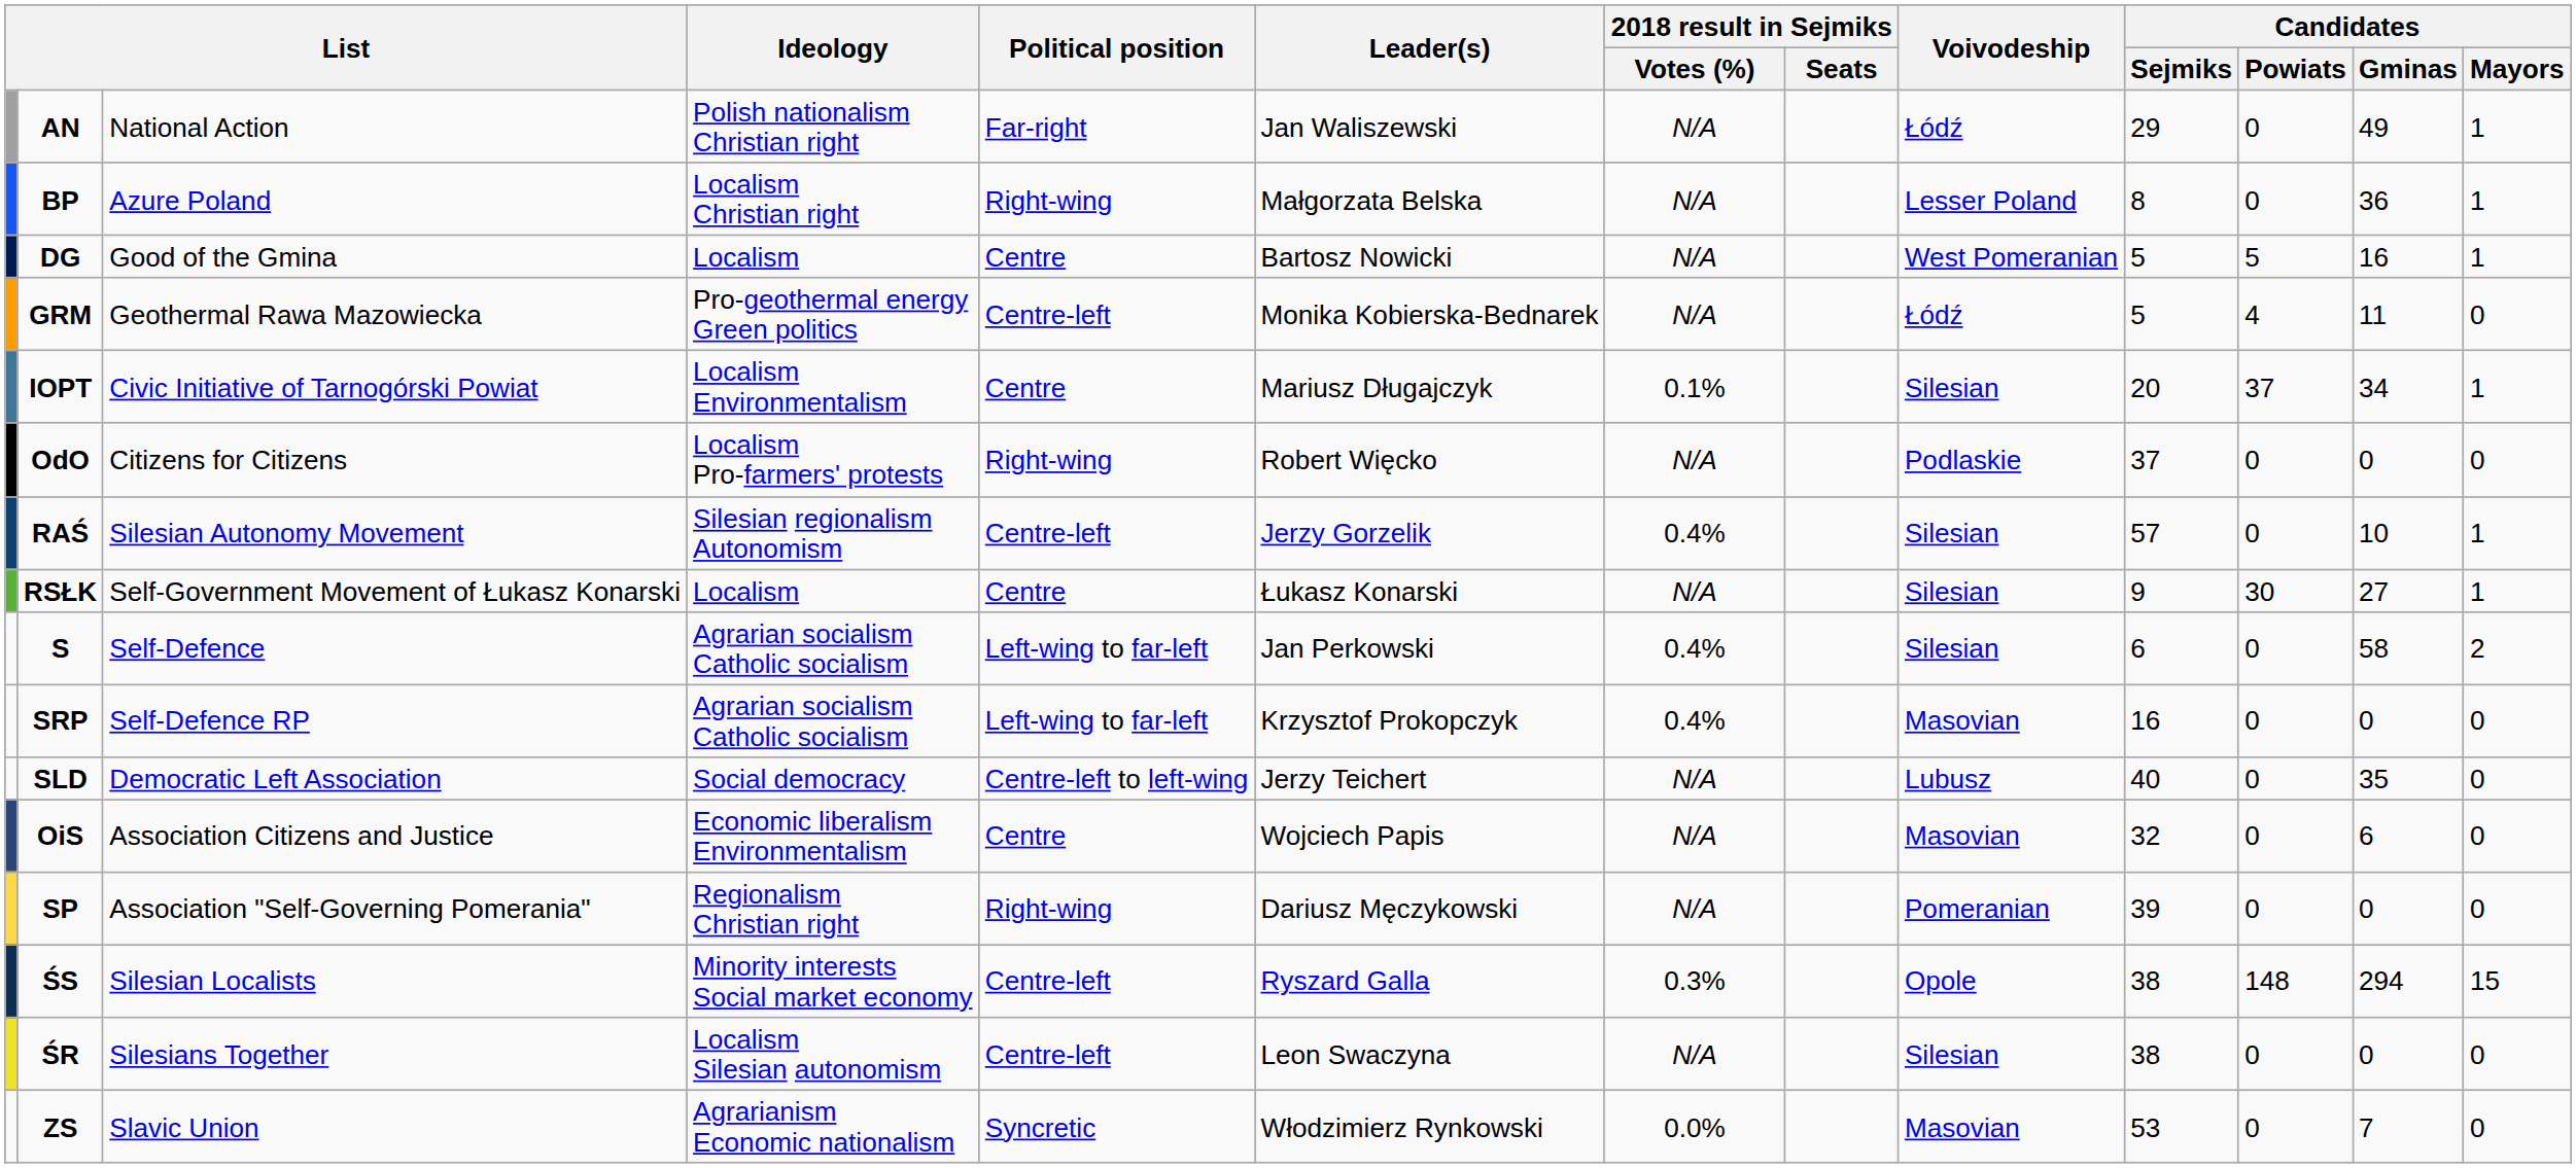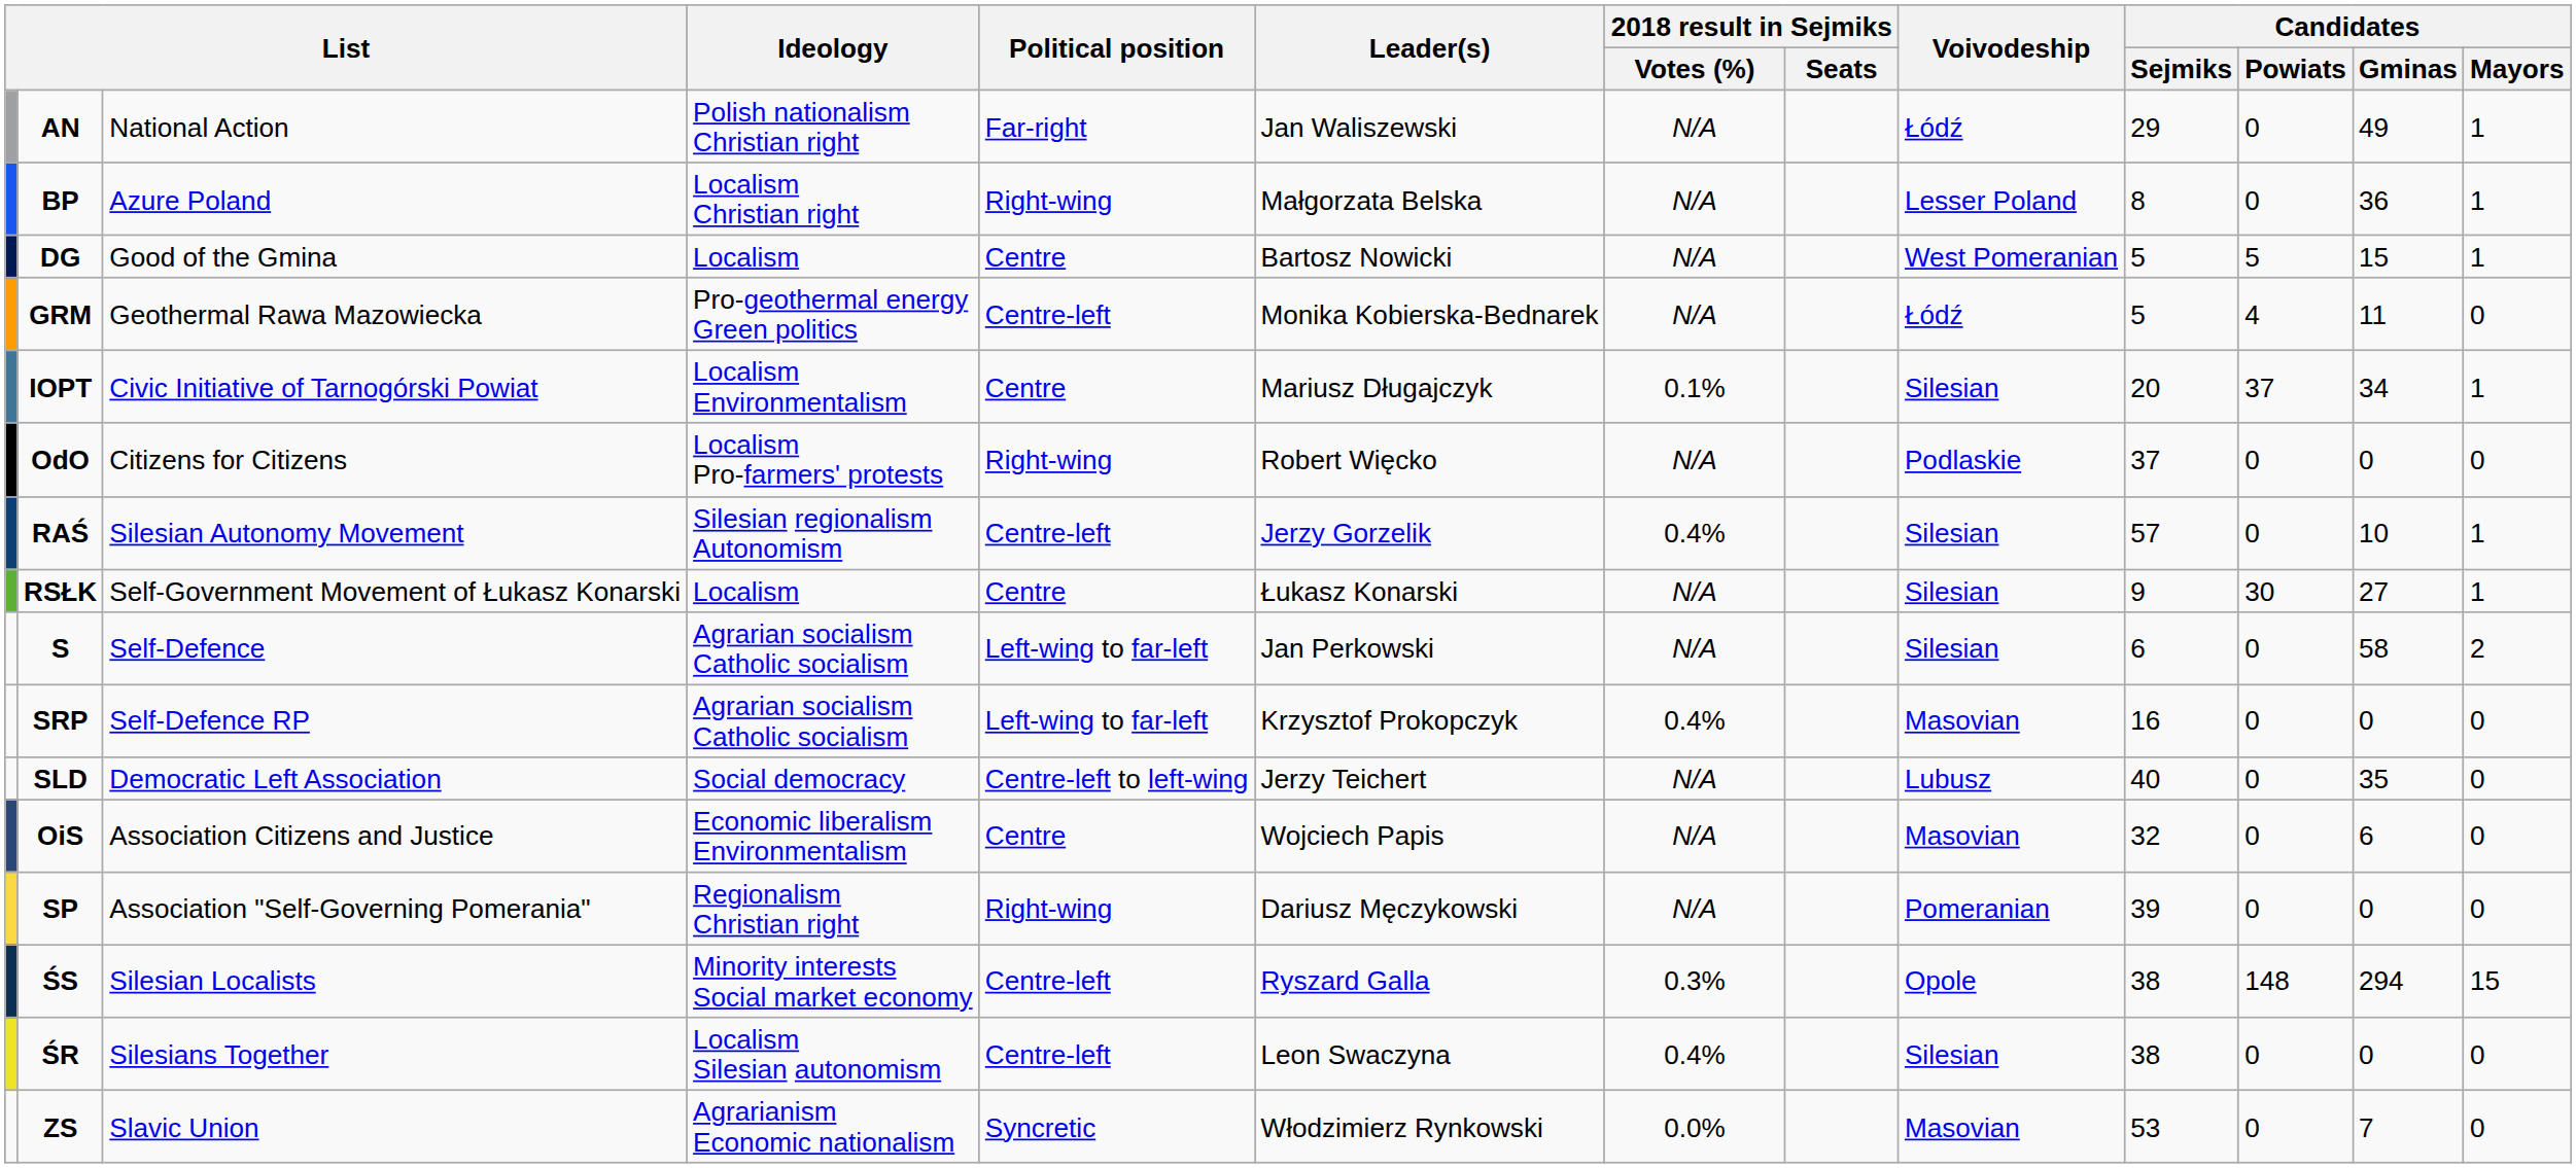 <table class="wikitable sortable mw-collapsible mw-collapsed" style="font-size:95%;">
 <tr>
 <th colspan="3" rowspan="2">List</th>
 <th rowspan="2">Ideology</th>
 <th rowspan="2">Political position</th>
 <th rowspan="2">Leader(s)</th>
 <th colspan="2">2018 result in Sejmiks</th>
 <th rowspan="2">Voivodeship</th>
 <th colspan="5">Candidates</th>
 </tr>
 <tr>
 <th>Votes (%)</th>
 <th>Seats</th>
 <th>Sejmiks</th>
 <th>Powiats</th>
 <th>Gminas</th>
 <th>Mayors</th>
 </tr>
 <tr>
 <td style="background:#9FA0A1;"></td>
 <td style="text-align:center;"><strong>AN</strong></td>
 <td>National Action<br></td>
 <td><a href='#'>Polish nationalism</a><br><a href='#'>Christian right</a></td>
 <td><a href='#'>Far-right</a></td>
 <td>Jan Waliszewski</td>
 <td style="text-align:center;"><em>N/A</em></td>
 <td></td>
 <td><a href='#'>Łódź</a></td>
 <td>29</td>
 <td>0</td>
 <td>49</td>
 <td>1</td>
 </tr>
 <tr>
 <td style="background:#1756F1;"></td>
 <td style="text-align:center;"><strong>BP</strong></td>
 <td><a href='#'>Azure Poland</a><br></td>
 <td><a href='#'>Localism</a><br><a href='#'>Christian right</a></td>
 <td><a href='#'>Right-wing</a></td>
 <td>Małgorzata Belska</td>
 <td style="text-align:center;"><em>N/A</em></td>
 <td></td>
 <td><a href='#'>Lesser Poland</a></td>
 <td>8</td>
 <td>0</td>
 <td>36</td>
 <td>1</td>
 </tr>
 <tr>
 <td style="background:#001953;"></td>
 <td style="text-align:center;"><strong>DG</strong></td>
 <td>Good of the Gmina<br></td>
 <td><a href='#'>Localism</a></td>
 <td><a href='#'>Centre</a></td>
 <td>Bartosz Nowicki</td>
 <td style="text-align:center;"><em>N/A</em></td>
 <td></td>
 <td><a href='#'>West Pomeranian</a></td>
 <td>5</td>
 <td>5</td>
-<td>16</td>
+<td>15</td>
 <td>1</td>
 </tr>
 <tr>
 <td style="background:#FF9D00;"></td>
 <td style="text-align:center;"><strong>GRM</strong></td>
 <td>Geothermal Rawa Mazowiecka<br></td>
 <td>Pro-<a href='#'>geothermal energy</a><br><a href='#'>Green politics</a></td>
 <td><a href='#'>Centre-left</a></td>
 <td>Monika Kobierska-Bednarek</td>
 <td style="text-align:center;"><em>N/A</em></td>
 <td></td>
 <td><a href='#'>Łódź</a></td>
 <td>5</td>
 <td>4</td>
 <td>11</td>
 <td>0</td>
 </tr>
 <tr>
 <td style="background:#3E7697;"></td>
 <td style="text-align:center;"><strong>IOPT</strong></td>
 <td><a href='#'>Civic Initiative of Tarnogórski Powiat</a><br></td>
 <td><a href='#'>Localism</a><br><a href='#'>Environmentalism</a></td>
 <td><a href='#'>Centre</a></td>
 <td>Mariusz Długajczyk</td>
 <td style="text-align:center;">0.1%</td>
 <td></td>
 <td><a href='#'>Silesian</a></td>
 <td>20</td>
 <td>37</td>
 <td>34</td>
 <td>1</td>
 </tr>
 <tr>
 <td style="background:#010101;"></td>
 <td style="text-align:center;"><strong>OdO</strong></td>
 <td>Citizens for Citizens<br></td>
 <td><a href='#'>Localism</a><br>Pro-<a href='#'>farmers' protests</a></td>
 <td><a href='#'>Right-wing</a></td>
 <td>Robert Więcko</td>
 <td style="text-align:center;"><em>N/A</em></td>
 <td></td>
 <td><a href='#'>Podlaskie</a></td>
 <td>37</td>
 <td>0</td>
 <td>0</td>
 <td>0</td>
 </tr>
 <tr>
 <td style="background:#0C3F73;"></td>
 <td style="text-align:center;"><strong>RAŚ</strong></td>
 <td><a href='#'>Silesian Autonomy Movement</a><br></td>
 <td><a href='#'>Silesian</a> <a href='#'>regionalism</a><br><a href='#'>Autonomism</a></td>
 <td><a href='#'>Centre-left</a></td>
 <td><a href='#'>Jerzy Gorzelik</a></td>
 <td style="text-align:center;">0.4%</td>
 <td></td>
 <td><a href='#'>Silesian</a></td>
 <td>57</td>
 <td>0</td>
 <td>10</td>
 <td>1</td>
 </tr>
 <tr>
 <td style="background:#5BB134;"></td>
 <td style="text-align:center;"><strong>RSŁK</strong></td>
 <td>Self-Government Movement of Łukasz Konarski<br></td>
 <td><a href='#'>Localism</a></td>
 <td><a href='#'>Centre</a></td>
 <td>Łukasz Konarski</td>
 <td style="text-align:center;"><em>N/A</em></td>
 <td></td>
 <td><a href='#'>Silesian</a></td>
 <td>9</td>
 <td>30</td>
 <td>27</td>
 <td>1</td>
 </tr>
 <tr>
 <td style="background:"></td>
 <td style="text-align:center;"><strong>S</strong></td>
 <td><a href='#'>Self-Defence</a><br></td>
 <td><a href='#'>Agrarian socialism</a><br><a href='#'>Catholic socialism</a></td>
 <td><a href='#'>Left-wing</a> to <a href='#'>far-left</a></td>
 <td>Jan Perkowski</td>
-<td style="text-align:center;">0.4%</td>
+<td style="text-align:center;"><em>N/A</em></td>
 <td></td>
 <td><a href='#'>Silesian</a></td>
 <td>6</td>
 <td>0</td>
 <td>58</td>
 <td>2</td>
 </tr>
 <tr>
 <td style="background:"></td>
 <td style="text-align:center;"><strong>SRP</strong></td>
 <td><a href='#'>Self-Defence RP</a><br></td>
 <td><a href='#'>Agrarian socialism</a><br><a href='#'>Catholic socialism</a></td>
 <td><a href='#'>Left-wing</a> to <a href='#'>far-left</a></td>
 <td>Krzysztof Prokopczyk</td>
 <td style="text-align:center;">0.4%</td>
 <td></td>
 <td><a href='#'>Masovian</a></td>
 <td>16</td>
 <td>0</td>
 <td>0</td>
 <td>0</td>
 </tr>
 <tr>
 <td style="background:"></td>
 <td style="text-align:center;"><strong>SLD</strong></td>
 <td><a href='#'>Democratic Left Association</a><br></td>
 <td><a href='#'>Social democracy</a></td>
 <td><a href='#'>Centre-left</a> to <a href='#'>left-wing</a></td>
 <td>Jerzy Teichert</td>
 <td style="text-align:center;"><em>N/A</em></td>
 <td></td>
 <td><a href='#'>Lubusz</a></td>
 <td>40</td>
 <td>0</td>
 <td>35</td>
 <td>0</td>
 </tr>
 <tr>
 <td style="background:#2A4578;"></td>
 <td style="text-align:center;"><strong>OiS</strong></td>
 <td>Association Citizens and Justice<br></td>
 <td><a href='#'>Economic liberalism</a><br><a href='#'>Environmentalism</a></td>
 <td><a href='#'>Centre</a></td>
 <td>Wojciech Papis</td>
 <td style="text-align:center;"><em>N/A</em></td>
 <td></td>
 <td><a href='#'>Masovian</a></td>
 <td>32</td>
 <td>0</td>
 <td>6</td>
 <td>0</td>
 </tr>
 <tr>
 <td style="background:#FCD844;"></td>
 <td style="text-align:center;"><strong>SP</strong></td>
 <td>Association "Self-Governing Pomerania"<br></td>
 <td><a href='#'>Regionalism</a><br><a href='#'>Christian right</a></td>
 <td><a href='#'>Right-wing</a></td>
 <td>Dariusz Męczykowski</td>
 <td style="text-align:center;"><em>N/A</em></td>
 <td></td>
 <td><a href='#'>Pomeranian</a></td>
 <td>39</td>
 <td>0</td>
 <td>0</td>
 <td>0</td>
 </tr>
 <tr>
 <td style="background:#0C2E51;"></td>
 <td style="text-align:center;"><strong>ŚS</strong></td>
 <td><a href='#'>Silesian Localists</a><br></td>
 <td><a href='#'>Minority interests</a><br><a href='#'>Social market economy</a></td>
 <td><a href='#'>Centre-left</a></td>
 <td><a href='#'>Ryszard Galla</a></td>
 <td style="text-align:center;">0.3%</td>
 <td></td>
 <td><a href='#'>Opole</a></td>
 <td>38</td>
 <td>148</td>
 <td>294</td>
 <td>15</td>
 </tr>
 <tr>
 <td style="background:#EDE427;"></td>
 <td style="text-align:center;"><strong>ŚR</strong></td>
 <td><a href='#'>Silesians Together</a><br></td>
 <td><a href='#'>Localism</a><br><a href='#'>Silesian</a> <a href='#'>autonomism</a></td>
 <td><a href='#'>Centre-left</a></td>
 <td>Leon Swaczyna</td>
-<td style="text-align:center;"><em>N/A</em></td>
+<td style="text-align:center;">0.4%</td>
 <td></td>
 <td><a href='#'>Silesian</a></td>
 <td>38</td>
 <td>0</td>
 <td>0</td>
 <td>0</td>
 </tr>
 <tr>
 <td style="background:"></td>
 <td style="text-align:center;"><strong>ZS</strong></td>
 <td><a href='#'>Slavic Union</a><br></td>
 <td><a href='#'>Agrarianism</a><br><a href='#'>Economic nationalism</a></td>
 <td><a href='#'>Syncretic</a></td>
 <td>Włodzimierz Rynkowski</td>
 <td style="text-align:center;">0.0%</td>
 <td></td>
 <td><a href='#'>Masovian</a></td>
 <td>53</td>
 <td>0</td>
 <td>7</td>
 <td>0</td>
 </tr>
 </table>
